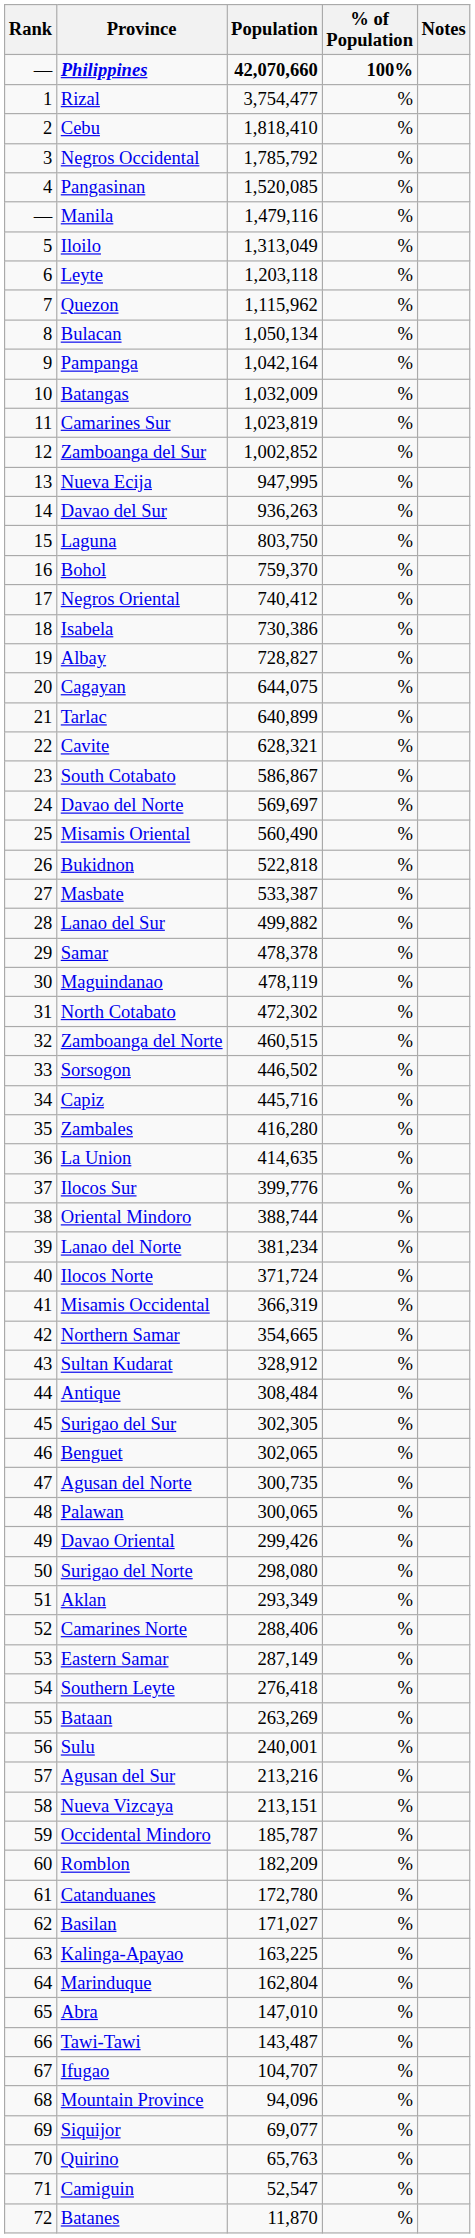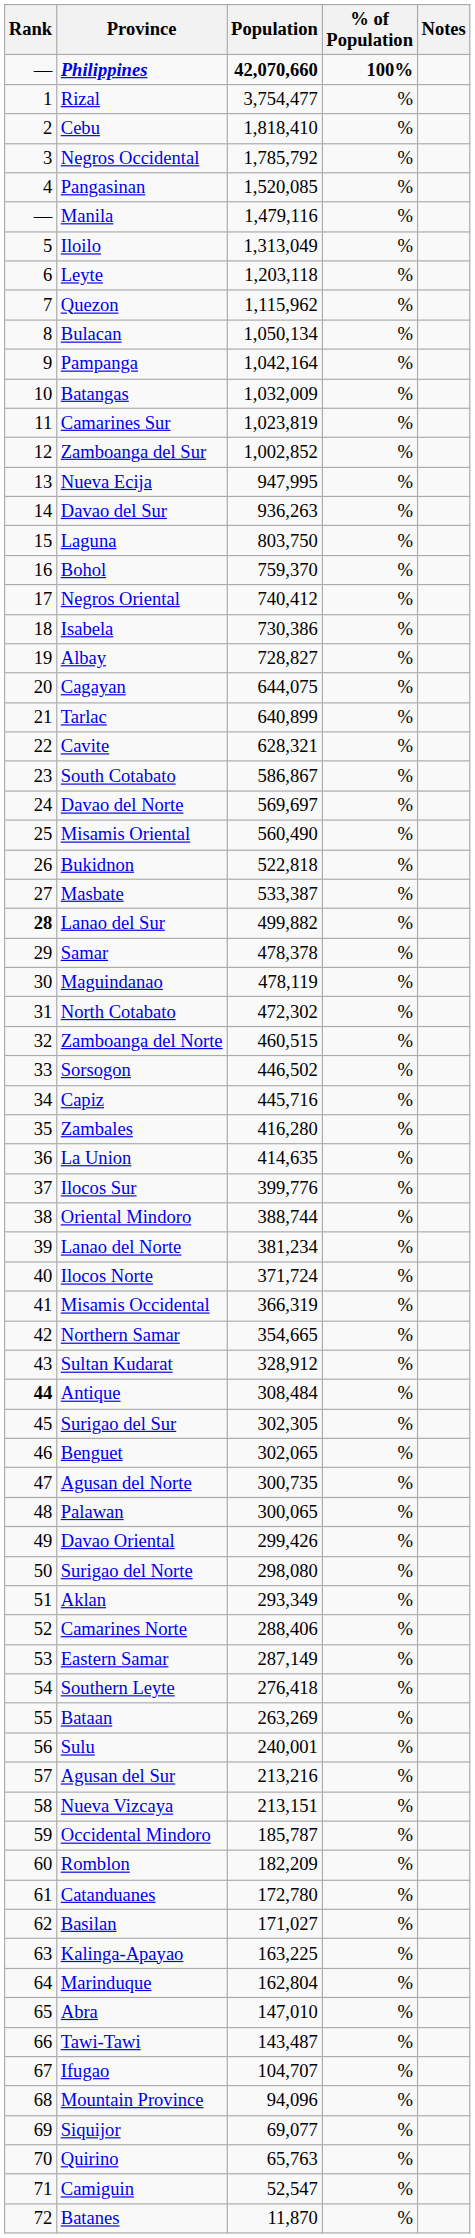 <table class="wikitable sortable" style="text-align:right">
 <tr>
 <th>Rank</th>
 <th>Province</th>
 <th>Population</th>
 <th>% of<br>Population</th>
 <th class="unsortable">Notes</th>
 </tr>
 <tr>
 <td>—</td>
 <td align=left><strong><em><a href='#'>Philippines</a></em></strong></td>
 <td><strong>42,070,660</strong></td>
 <td><strong>100%</strong></td>
 <td></td>
 </tr>
 <tr>
 <td>1</td>
 <td align=left><a href='#'>Rizal</a></td>
 <td>3,754,477</td>
 <td>%</td>
 <td></td>
 </tr>
 <tr>
 <td>2</td>
 <td align=left><a href='#'>Cebu</a></td>
 <td>1,818,410</td>
 <td>%</td>
 <td></td>
 </tr>
 <tr>
 <td>3</td>
 <td align=left><a href='#'>Negros Occidental</a></td>
 <td>1,785,792</td>
 <td>%</td>
 <td></td>
 </tr>
 <tr>
 <td>4</td>
 <td align=left><a href='#'>Pangasinan</a></td>
 <td>1,520,085</td>
 <td>%</td>
 <td></td>
 </tr>
 <tr>
 <td>—</td>
 <td align=left><a href='#'>Manila</a></td>
 <td>1,479,116</td>
 <td>%</td>
 <td></td>
 </tr>
 <tr>
 <td>5</td>
 <td align=left><a href='#'>Iloilo</a></td>
 <td>1,313,049</td>
 <td>%</td>
 <td></td>
 </tr>
 <tr>
 <td>6</td>
 <td align=left><a href='#'>Leyte</a></td>
 <td>1,203,118</td>
 <td>%</td>
 <td></td>
 </tr>
 <tr>
 <td>7</td>
 <td align=left><a href='#'>Quezon</a></td>
 <td>1,115,962</td>
 <td>%</td>
 <td></td>
 </tr>
 <tr>
 <td>8</td>
 <td align=left><a href='#'>Bulacan</a></td>
 <td>1,050,134</td>
 <td>%</td>
 <td></td>
 </tr>
 <tr>
 <td>9</td>
 <td align=left><a href='#'>Pampanga</a></td>
 <td>1,042,164</td>
 <td>%</td>
 <td></td>
 </tr>
 <tr>
 <td>10</td>
 <td align=left><a href='#'>Batangas</a></td>
 <td>1,032,009</td>
 <td>%</td>
 <td></td>
 </tr>
 <tr>
 <td>11</td>
 <td align=left><a href='#'>Camarines Sur</a></td>
 <td>1,023,819</td>
 <td>%</td>
 <td></td>
 </tr>
 <tr>
 <td>12</td>
 <td align=left><a href='#'>Zamboanga del Sur</a></td>
 <td>1,002,852</td>
 <td>%</td>
 <td></td>
 </tr>
 <tr>
 <td>13</td>
 <td align=left><a href='#'>Nueva Ecija</a></td>
 <td>947,995</td>
 <td>%</td>
 <td></td>
 </tr>
 <tr>
 <td>14</td>
 <td align=left><a href='#'>Davao del Sur</a></td>
 <td>936,263</td>
 <td>%</td>
 <td></td>
 </tr>
 <tr>
 <td>15</td>
 <td align=left><a href='#'>Laguna</a></td>
 <td>803,750</td>
 <td>%</td>
 <td></td>
 </tr>
 <tr>
 <td>16</td>
 <td align=left><a href='#'>Bohol</a></td>
 <td>759,370</td>
 <td>%</td>
 <td></td>
 </tr>
 <tr>
 <td>17</td>
 <td align=left><a href='#'>Negros Oriental</a></td>
 <td>740,412</td>
 <td>%</td>
 <td></td>
 </tr>
 <tr>
 <td>18</td>
 <td align=left><a href='#'>Isabela</a></td>
 <td>730,386</td>
 <td>%</td>
 <td></td>
 </tr>
 <tr>
 <td>19</td>
 <td align=left><a href='#'>Albay</a></td>
 <td>728,827</td>
 <td>%</td>
 <td></td>
 </tr>
 <tr>
 <td>20</td>
 <td align=left><a href='#'>Cagayan</a></td>
 <td>644,075</td>
 <td>%</td>
 <td></td>
 </tr>
 <tr>
 <td>21</td>
 <td align=left><a href='#'>Tarlac</a></td>
 <td>640,899</td>
 <td>%</td>
 <td></td>
 </tr>
 <tr>
 <td>22</td>
 <td align=left><a href='#'>Cavite</a></td>
 <td>628,321</td>
 <td>%</td>
 <td></td>
 </tr>
 <tr>
 <td>23</td>
 <td align=left><a href='#'>South Cotabato</a></td>
 <td>586,867</td>
 <td>%</td>
 <td></td>
 </tr>
 <tr>
 <td>24</td>
 <td align=left><a href='#'>Davao del Norte</a></td>
 <td>569,697</td>
 <td>%</td>
 <td></td>
 </tr>
 <tr>
 <td>25</td>
 <td align=left><a href='#'>Misamis Oriental</a></td>
 <td>560,490</td>
 <td>%</td>
 <td></td>
 </tr>
 <tr>
 <td>26</td>
 <td align=left><a href='#'>Bukidnon</a></td>
 <td>522,818</td>
 <td>%</td>
 <td></td>
 </tr>
 <tr>
 <td>27</td>
 <td align=left><a href='#'>Masbate</a></td>
 <td>533,387</td>
 <td>%</td>
 <td></td>
 </tr>
 <tr>
-<td>28</td>
+<td><strong>28</strong></td>
 <td align=left><a href='#'>Lanao del Sur</a></td>
 <td>499,882</td>
 <td>%</td>
 <td></td>
 </tr>
 <tr>
 <td>29</td>
 <td align=left><a href='#'>Samar</a></td>
 <td>478,378</td>
 <td>%</td>
 <td></td>
 </tr>
 <tr>
 <td>30</td>
 <td align=left><a href='#'>Maguindanao</a></td>
 <td>478,119</td>
 <td>%</td>
 <td></td>
 </tr>
 <tr>
 <td>31</td>
 <td align=left><a href='#'>North Cotabato</a></td>
 <td>472,302</td>
 <td>%</td>
 <td></td>
 </tr>
 <tr>
 <td>32</td>
 <td align=left><a href='#'>Zamboanga del Norte</a></td>
 <td>460,515</td>
 <td>%</td>
 <td></td>
 </tr>
 <tr>
 <td>33</td>
 <td align=left><a href='#'>Sorsogon</a></td>
 <td>446,502</td>
 <td>%</td>
 <td></td>
 </tr>
 <tr>
 <td>34</td>
 <td align=left><a href='#'>Capiz</a></td>
 <td>445,716</td>
 <td>%</td>
 <td></td>
 </tr>
 <tr>
 <td>35</td>
 <td align=left><a href='#'>Zambales</a></td>
 <td>416,280</td>
 <td>%</td>
 <td></td>
 </tr>
 <tr>
 <td>36</td>
 <td align=left><a href='#'>La Union</a></td>
 <td>414,635</td>
 <td>%</td>
 <td></td>
 </tr>
 <tr>
 <td>37</td>
 <td align=left><a href='#'>Ilocos Sur</a></td>
 <td>399,776</td>
 <td>%</td>
 <td></td>
 </tr>
 <tr>
 <td>38</td>
 <td align=left><a href='#'>Oriental Mindoro</a></td>
 <td>388,744</td>
 <td>%</td>
 <td></td>
 </tr>
 <tr>
 <td>39</td>
 <td align=left><a href='#'>Lanao del Norte</a></td>
 <td>381,234</td>
 <td>%</td>
 <td></td>
 </tr>
 <tr>
 <td>40</td>
 <td align=left><a href='#'>Ilocos Norte</a></td>
 <td>371,724</td>
 <td>%</td>
 <td></td>
 </tr>
 <tr>
 <td>41</td>
 <td align=left><a href='#'>Misamis Occidental</a></td>
 <td>366,319</td>
 <td>%</td>
 <td></td>
 </tr>
 <tr>
 <td>42</td>
 <td align=left><a href='#'>Northern Samar</a></td>
 <td>354,665</td>
 <td>%</td>
 <td></td>
 </tr>
 <tr>
 <td>43</td>
 <td align=left><a href='#'>Sultan Kudarat</a></td>
 <td>328,912</td>
 <td>%</td>
 <td></td>
 </tr>
 <tr>
-<td>44</td>
+<td><strong>44</strong></td>
 <td align=left><a href='#'>Antique</a></td>
 <td>308,484</td>
 <td>%</td>
 <td></td>
 </tr>
 <tr>
 <td>45</td>
 <td align=left><a href='#'>Surigao del Sur</a></td>
 <td>302,305</td>
 <td>%</td>
 <td></td>
 </tr>
 <tr>
 <td>46</td>
 <td align=left><a href='#'>Benguet</a></td>
 <td>302,065</td>
 <td>%</td>
 <td></td>
 </tr>
 <tr>
 <td>47</td>
 <td align=left><a href='#'>Agusan del Norte</a></td>
 <td>300,735</td>
 <td>%</td>
 <td></td>
 </tr>
 <tr>
 <td>48</td>
 <td align=left><a href='#'>Palawan</a></td>
 <td>300,065</td>
 <td>%</td>
 <td></td>
 </tr>
 <tr>
 <td>49</td>
 <td align=left><a href='#'>Davao Oriental</a></td>
 <td>299,426</td>
 <td>%</td>
 <td></td>
 </tr>
 <tr>
 <td>50</td>
 <td align=left><a href='#'>Surigao del Norte</a></td>
 <td>298,080</td>
 <td>%</td>
 <td></td>
 </tr>
 <tr>
 <td>51</td>
 <td align=left><a href='#'>Aklan</a></td>
 <td>293,349</td>
 <td>%</td>
 <td></td>
 </tr>
 <tr>
 <td>52</td>
 <td align=left><a href='#'>Camarines Norte</a></td>
 <td>288,406</td>
 <td>%</td>
 <td></td>
 </tr>
 <tr>
 <td>53</td>
 <td align=left><a href='#'>Eastern Samar</a></td>
 <td>287,149</td>
 <td>%</td>
 <td></td>
 </tr>
 <tr>
 <td>54</td>
 <td align=left><a href='#'>Southern Leyte</a></td>
 <td>276,418</td>
 <td>%</td>
 <td></td>
 </tr>
 <tr>
 <td>55</td>
 <td align=left><a href='#'>Bataan</a></td>
 <td>263,269</td>
 <td>%</td>
 <td></td>
 </tr>
 <tr>
 <td>56</td>
 <td align=left><a href='#'>Sulu</a></td>
 <td>240,001</td>
 <td>%</td>
 <td></td>
 </tr>
 <tr>
 <td>57</td>
 <td align=left><a href='#'>Agusan del Sur</a></td>
 <td>213,216</td>
 <td>%</td>
 <td></td>
 </tr>
 <tr>
 <td>58</td>
 <td align=left><a href='#'>Nueva Vizcaya</a></td>
 <td>213,151</td>
 <td>%</td>
 <td></td>
 </tr>
 <tr>
 <td>59</td>
 <td align=left><a href='#'>Occidental Mindoro</a></td>
 <td>185,787</td>
 <td>%</td>
 <td></td>
 </tr>
 <tr>
 <td>60</td>
 <td align=left><a href='#'>Romblon</a></td>
 <td>182,209</td>
 <td>%</td>
 <td></td>
 </tr>
 <tr>
 <td>61</td>
 <td align=left><a href='#'>Catanduanes</a></td>
 <td>172,780</td>
 <td>%</td>
 <td></td>
 </tr>
 <tr>
 <td>62</td>
 <td align=left><a href='#'>Basilan</a></td>
 <td>171,027</td>
 <td>%</td>
 <td></td>
 </tr>
 <tr>
 <td>63</td>
 <td align=left><a href='#'>Kalinga-Apayao</a></td>
 <td>163,225</td>
 <td>%</td>
 <td></td>
 </tr>
 <tr>
 <td>64</td>
 <td align=left><a href='#'>Marinduque</a></td>
 <td>162,804</td>
 <td>%</td>
 <td></td>
 </tr>
 <tr>
 <td>65</td>
 <td align=left><a href='#'>Abra</a></td>
 <td>147,010</td>
 <td>%</td>
 <td></td>
 </tr>
 <tr>
 <td>66</td>
 <td align=left><a href='#'>Tawi-Tawi</a></td>
 <td>143,487</td>
 <td>%</td>
 <td></td>
 </tr>
 <tr>
 <td>67</td>
 <td align=left><a href='#'>Ifugao</a></td>
 <td>104,707</td>
 <td>%</td>
 <td></td>
 </tr>
 <tr>
 <td>68</td>
 <td align=left><a href='#'>Mountain Province</a></td>
 <td>94,096</td>
 <td>%</td>
 <td></td>
 </tr>
 <tr>
 <td>69</td>
 <td align=left><a href='#'>Siquijor</a></td>
 <td>69,077</td>
 <td>%</td>
 <td></td>
 </tr>
 <tr>
 <td>70</td>
 <td align=left><a href='#'>Quirino</a></td>
 <td>65,763</td>
 <td>%</td>
 <td></td>
 </tr>
 <tr>
 <td>71</td>
 <td align=left><a href='#'>Camiguin</a></td>
 <td>52,547</td>
 <td>%</td>
 <td></td>
 </tr>
 <tr>
 <td>72</td>
 <td align=left><a href='#'>Batanes</a></td>
 <td>11,870</td>
 <td>%</td>
 <td></td>
 </tr>
 </table>
